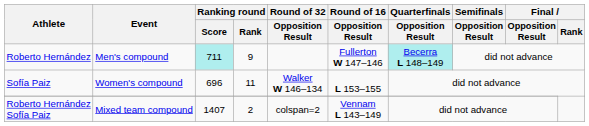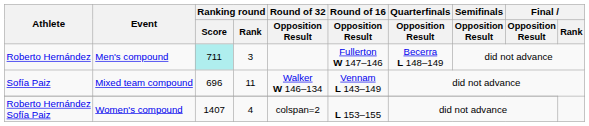 <table class=wikitable style="font-size:90%">
 <tr>
 <th rowspan="2">Athlete</th>
 <th rowspan="2">Event</th>
 <th colspan="2">Ranking round</th>
 <th>Round of 32</th>
 <th>Round of 16</th>
 <th>Quarterfinals</th>
 <th>Semifinals</th>
 <th colspan="2">Final / </th>
 </tr>
 <tr style="font-size:95%">
 <th>Score</th>
 <th>Rank</th>
 <th>Opposition<br>Result</th>
 <th>Opposition<br>Result</th>
 <th>Opposition<br>Result</th>
 <th>Opposition<br>Result</th>
 <th>Opposition<br>Result</th>
 <th>Rank</th>
 </tr>
 <tr align=center>
 <td align=left><a href='#'>Roberto Hernández</a></td>
 <td align=left><a href='#'>Men's compound</a></td>
 <td style="background: paleturquoise;">711</td>
-<td>9</td>
+<td>3</td>
 <td></td>
 <td> <a href='#'>Fullerton</a><br><strong>W</strong> 147–146</td>
-<td style="background: paleturquoise;"> <a href='#'>Becerra</a><br><strong>L</strong> 148–149</td>
+<td> <a href='#'>Becerra</a><br><strong>L</strong> 148–149</td>
 <td colspan=3>did not advance</td>
 </tr>
 <tr align=center>
 <td align=left><a href='#'>Sofía Paiz</a></td>
-<td align=left><a href='#'>Women's compound</a></td>
+<td align=left><a href='#'>Mixed team compound</a></td>
 <td>696</td>
 <td>11</td>
 <td> <a href='#'>Walker</a><br><strong>W</strong> 146–134</td>
-<td><br><strong>L</strong> 153–155</td>
+<td> <a href='#'>Vennam</a><br><strong>L</strong> 143–149</td>
 <td colspan=4>did not advance</td>
 </tr>
 <tr>
 </tr>
 <tr align=center>
 <td align=left><a href='#'>Roberto Hernández</a><br><a href='#'>Sofía Paiz</a></td>
-<td align=left><a href='#'>Mixed team compound</a></td>
+<td align=left><a href='#'>Women's compound</a></td>
 <td>1407</td>
-<td>2</td>
+<td>4</td>
 <td>colspan=2 </td>
-<td> <a href='#'>Vennam</a><br><strong>L</strong> 143–149</td>
+<td><br><strong>L</strong> 153–155</td>
 <td colspan=3>did not advance</td>
 </tr>
 </table>
